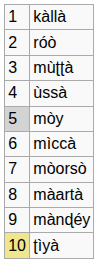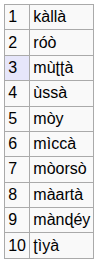 <table class="wikitable">
 <tr>
 <td>1</td>
 <td>kàllà</td>
 </tr>
 <tr>
 <td>2</td>
 <td>róò</td>
 </tr>
 <tr>
-<td>3</td>
+<td style="background: lavender;">3</td>
 <td>mùʈʈà</td>
 </tr>
 <tr>
 <td>4</td>
 <td>ùssà</td>
 </tr>
 <tr>
-<td style="background: lightgrey;">5</td>
+<td>5</td>
 <td>mòy</td>
 </tr>
 <tr>
 <td>6</td>
 <td>mìccà</td>
 </tr>
 <tr>
 <td>7</td>
 <td>mòorsò</td>
 </tr>
 <tr>
 <td>8</td>
 <td>màartà</td>
 </tr>
 <tr>
 <td>9</td>
 <td>mànɖéy</td>
 </tr>
 <tr>
-<td style="background: khaki;">10</td>
+<td>10</td>
 <td>ʈìyà</td>
 </tr>
 </table>
